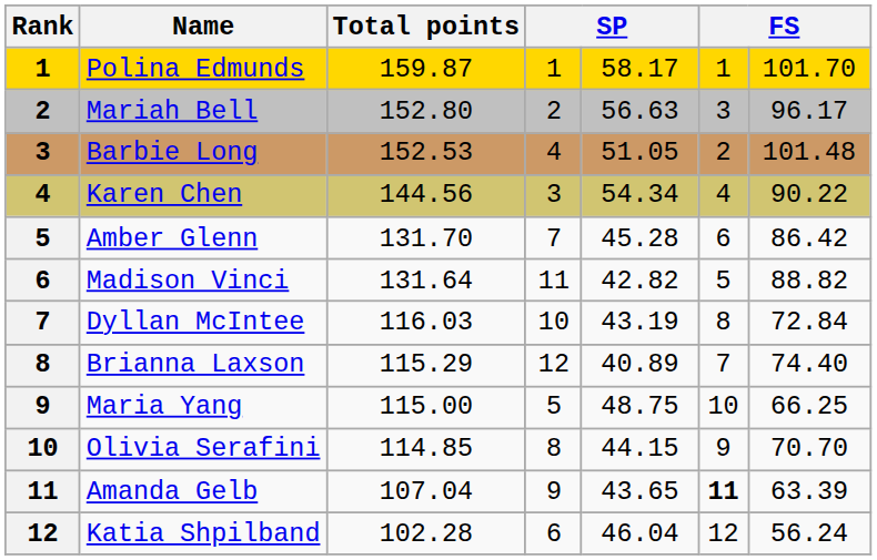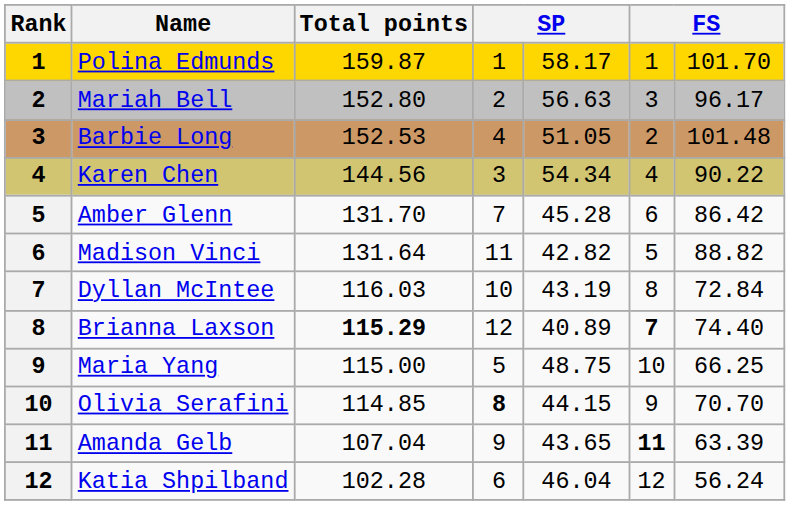 <table class="wikitable sortable">
 <tr>
 <th>Rank</th>
 <th>Name</th>
 <th>Total points</th>
 <th colspan="2" width="80px"><a href='#'>SP</a></th>
 <th colspan="2" width="80px"><a href='#'>FS</a></th>
 </tr>
 <tr bgcolor="gold">
 <td align="center"><strong>1</strong></td>
 <td><a href='#'>Polina Edmunds</a></td>
 <td align="center">159.87</td>
 <td align="center">1</td>
 <td align="center">58.17</td>
 <td align="center">1</td>
 <td align="center">101.70</td>
 </tr>
 <tr bgcolor="silver">
 <td align="center"><strong>2</strong></td>
 <td><a href='#'>Mariah Bell</a></td>
 <td align="center">152.80</td>
 <td align="center">2</td>
 <td align="center">56.63</td>
 <td align="center">3</td>
 <td align="center">96.17</td>
 </tr>
 <tr bgcolor="cc9966">
 <td align="center"><strong>3</strong></td>
 <td><a href='#'>Barbie Long</a></td>
 <td align="center">152.53</td>
 <td align="center">4</td>
 <td align="center">51.05</td>
 <td align="center">2</td>
 <td align="center">101.48</td>
 </tr>
 <tr bgcolor="#d1c571">
 <td align="center"><strong>4</strong></td>
 <td><a href='#'>Karen Chen</a></td>
 <td align="center">144.56</td>
 <td align="center">3</td>
 <td align="center">54.34</td>
 <td align="center">4</td>
 <td align="center">90.22</td>
 </tr>
 <tr>
 <th>5</th>
 <td><a href='#'>Amber Glenn</a></td>
 <td align="center">131.70</td>
 <td align="center">7</td>
 <td align="center">45.28</td>
 <td align="center">6</td>
 <td align="center">86.42</td>
 </tr>
 <tr>
 <th>6</th>
 <td><a href='#'>Madison Vinci</a></td>
 <td align="center">131.64</td>
 <td align="center">11</td>
 <td align="center">42.82</td>
 <td align="center">5</td>
 <td align="center">88.82</td>
 </tr>
 <tr>
 <th>7</th>
 <td><a href='#'>Dyllan McIntee</a></td>
 <td align="center">116.03</td>
 <td align="center">10</td>
 <td align="center">43.19</td>
 <td align="center">8</td>
 <td align="center">72.84</td>
 </tr>
 <tr>
 <th>8</th>
 <td><a href='#'>Brianna Laxson</a></td>
-<td align="center">115.29</td>
+<td align="center"><strong>115.29</strong></td>
 <td align="center">12</td>
 <td align="center">40.89</td>
-<td align="center">7</td>
+<td align="center"><strong>7</strong></td>
 <td align="center">74.40</td>
 </tr>
 <tr>
 <th>9</th>
 <td><a href='#'>Maria Yang</a></td>
 <td align="center">115.00</td>
 <td align="center">5</td>
 <td align="center">48.75</td>
 <td align="center">10</td>
 <td align="center">66.25</td>
 </tr>
 <tr>
 <th>10</th>
 <td><a href='#'>Olivia Serafini</a></td>
 <td align="center">114.85</td>
-<td align="center">8</td>
+<td align="center"><strong>8</strong></td>
 <td align="center">44.15</td>
 <td align="center">9</td>
 <td align="center">70.70</td>
 </tr>
 <tr>
 <th>11</th>
 <td><a href='#'>Amanda Gelb</a></td>
 <td align="center">107.04</td>
 <td align="center">9</td>
 <td align="center">43.65</td>
 <td align="center"><strong>11</strong></td>
 <td align="center">63.39</td>
 </tr>
 <tr>
 <th>12</th>
 <td><a href='#'>Katia Shpilband</a></td>
 <td align="center">102.28</td>
 <td align="center">6</td>
 <td align="center">46.04</td>
 <td align="center">12</td>
 <td align="center">56.24</td>
 </tr>
 </table>
